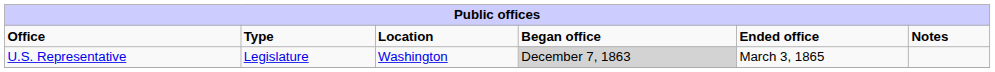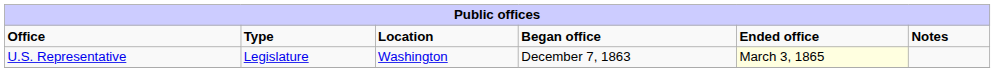 <table class=wikitable style="width: 94%" style="text-align: center;" align="center">
 <tr bgcolor=#cccccc>
 <th colspan=8 style="background: #ccccff;">Public offices</th>
 </tr>
 <tr>
 <td><strong>Office</strong></td>
 <td><strong>Type</strong></td>
 <td><strong>Location</strong></td>
 <td><strong>Began office</strong></td>
 <td><strong>Ended office</strong></td>
 <td><strong>Notes</strong></td>
 </tr>
 <tr>
 <td><a href='#'>U.S. Representative</a></td>
 <td><a href='#'>Legislature</a></td>
 <td><a href='#'>Washington</a></td>
-<td style="background: lightgrey;">December 7, 1863</td>
-<td>March 3, 1865</td>
+<td>December 7, 1863</td>
+<td style="background: lightyellow;">March 3, 1865</td>
 <td></td>
 </tr>
 <tr>
 </tr>
 </table>
